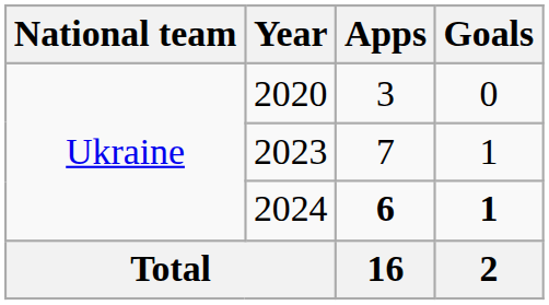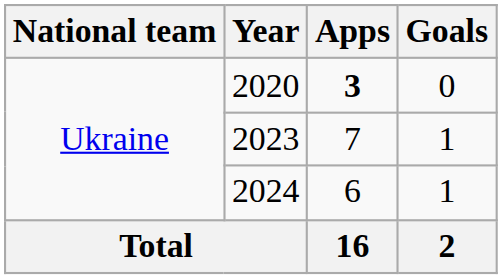 <table class=wikitable style=text-align:center>
 <tr>
 <th>National team</th>
 <th>Year</th>
 <th>Apps</th>
 <th>Goals</th>
 </tr>
 <tr>
 <td rowspan="3"><a href='#'>Ukraine</a></td>
 <td>2020</td>
-<td>3</td>
+<td><strong>3</strong></td>
 <td>0</td>
 </tr>
 <tr>
 <td>2023</td>
 <td>7</td>
 <td>1</td>
 </tr>
 <tr>
 <td>2024</td>
-<td><strong>6</strong></td>
-<td><strong>1</strong></td>
+<td>6</td>
+<td>1</td>
 </tr>
 <tr>
 <th colspan="2">Total</th>
 <th>16</th>
 <th>2</th>
 </tr>
 </table>
